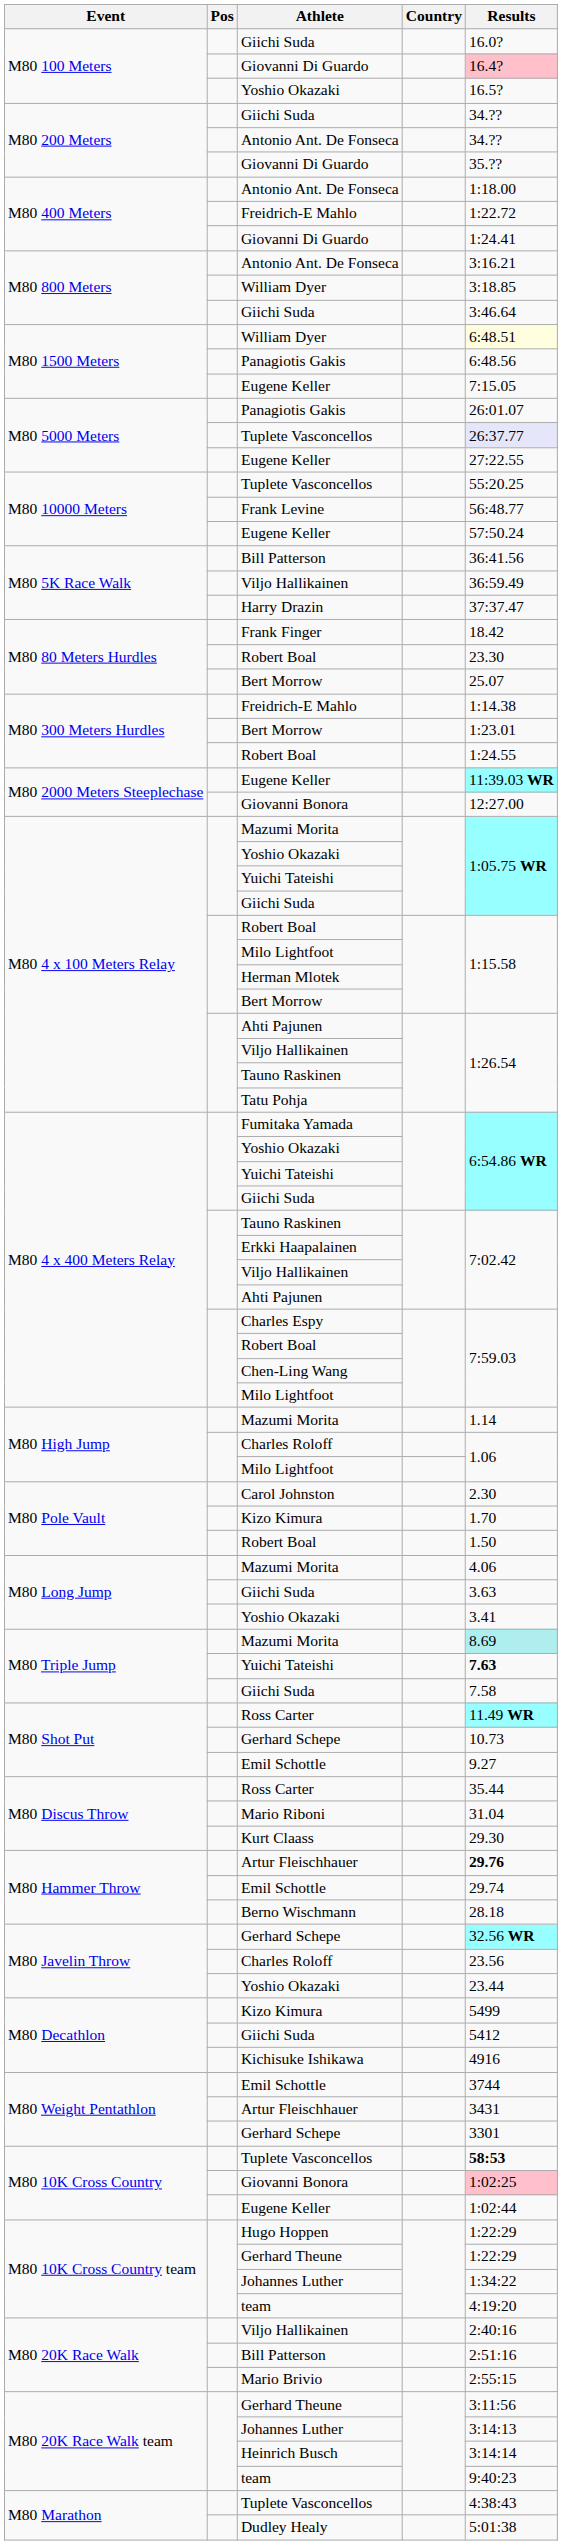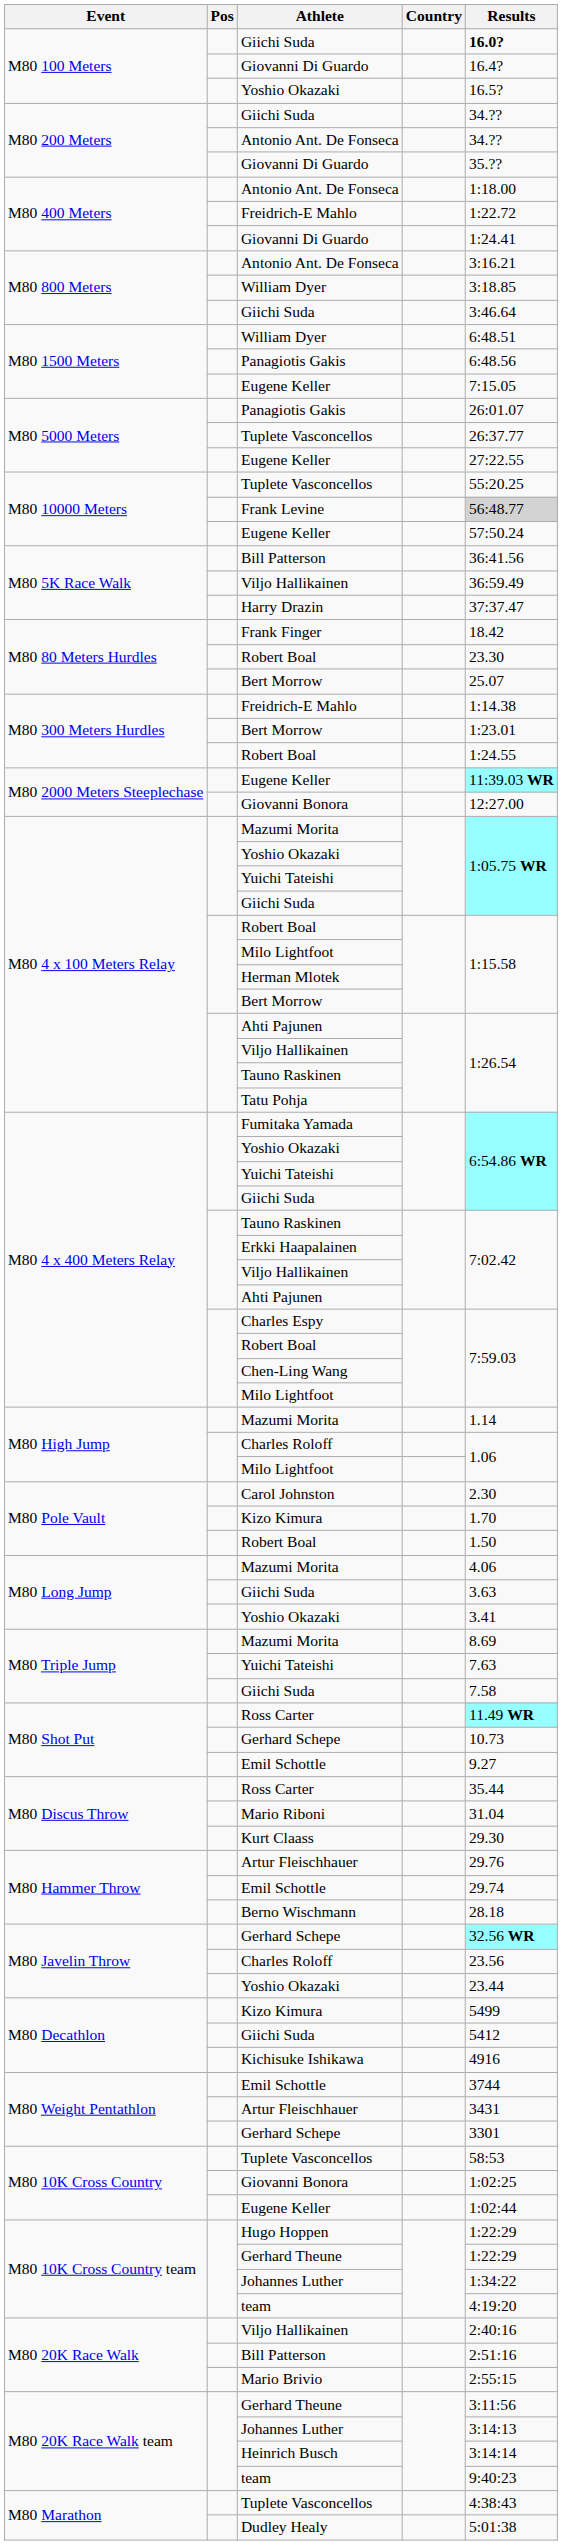 <table class="wikitable">
 <tr>
 <th>Event</th>
 <th>Pos</th>
 <th>Athlete</th>
 <th>Country</th>
 <th>Results</th>
 </tr>
 <tr>
 <td rowspan="3">M80 <a href='#'>100 Meters</a></td>
 <td align="center"></td>
 <td>Giichi Suda</td>
 <td></td>
-<td>16.0?</td>
+<td><strong>16.0?</strong></td>
 </tr>
 <tr>
 <td align="center"></td>
 <td>Giovanni Di Guardo</td>
 <td></td>
-<td style="background: pink;">16.4?</td>
+<td>16.4?</td>
 </tr>
 <tr>
 <td align="center"></td>
 <td>Yoshio Okazaki</td>
 <td></td>
 <td>16.5?</td>
 </tr>
 <tr>
 <td rowspan="3">M80 <a href='#'>200 Meters</a></td>
 <td align="center"></td>
 <td>Giichi Suda</td>
 <td></td>
 <td>34.??</td>
 </tr>
 <tr>
 <td align="center"></td>
 <td>Antonio Ant. De Fonseca</td>
 <td></td>
 <td>34.??</td>
 </tr>
 <tr>
 <td align="center"></td>
 <td>Giovanni Di Guardo</td>
 <td></td>
 <td>35.??</td>
 </tr>
 <tr>
 <td rowspan="3">M80 <a href='#'>400 Meters</a></td>
 <td align="center"></td>
 <td>Antonio Ant. De Fonseca</td>
 <td></td>
 <td>1:18.00</td>
 </tr>
 <tr>
 <td align="center"></td>
 <td>Freidrich-E Mahlo</td>
 <td></td>
 <td>1:22.72</td>
 </tr>
 <tr>
 <td align="center"></td>
 <td>Giovanni Di Guardo</td>
 <td></td>
 <td>1:24.41</td>
 </tr>
 <tr>
 <td rowspan="3">M80 <a href='#'>800 Meters</a></td>
 <td align="center"></td>
 <td>Antonio Ant. De Fonseca</td>
 <td></td>
 <td>3:16.21</td>
 </tr>
 <tr>
 <td align="center"></td>
 <td>William Dyer</td>
 <td></td>
 <td>3:18.85</td>
 </tr>
 <tr>
 <td align="center"></td>
 <td>Giichi Suda</td>
 <td></td>
 <td>3:46.64</td>
 </tr>
 <tr>
 <td rowspan="3">M80 <a href='#'>1500 Meters</a></td>
 <td align="center"></td>
 <td>William Dyer</td>
 <td></td>
-<td style="background: lightyellow;">6:48.51</td>
+<td>6:48.51</td>
 </tr>
 <tr>
 <td align="center"></td>
 <td>Panagiotis Gakis</td>
 <td></td>
 <td>6:48.56</td>
 </tr>
 <tr>
 <td align="center"></td>
 <td>Eugene Keller</td>
 <td></td>
 <td>7:15.05</td>
 </tr>
 <tr>
 <td rowspan="3">M80 <a href='#'>5000 Meters</a></td>
 <td align="center"></td>
 <td>Panagiotis Gakis</td>
 <td></td>
 <td>26:01.07</td>
 </tr>
 <tr>
 <td align="center"></td>
 <td>Tuplete Vasconcellos</td>
 <td></td>
-<td style="background: lavender;">26:37.77</td>
+<td>26:37.77</td>
 </tr>
 <tr>
 <td align="center"></td>
 <td>Eugene Keller</td>
 <td></td>
 <td>27:22.55</td>
 </tr>
 <tr>
 <td rowspan="3">M80 <a href='#'>10000 Meters</a></td>
 <td align="center"></td>
 <td>Tuplete Vasconcellos</td>
 <td></td>
 <td>55:20.25</td>
 </tr>
 <tr>
 <td align="center"></td>
 <td>Frank Levine</td>
 <td></td>
-<td>56:48.77</td>
+<td style="background: lightgrey;">56:48.77</td>
 </tr>
 <tr>
 <td align="center"></td>
 <td>Eugene Keller</td>
 <td></td>
 <td>57:50.24</td>
 </tr>
 <tr>
 <td rowspan="3">M80 <a href='#'>5K Race Walk</a></td>
 <td align="center"></td>
 <td>Bill Patterson</td>
 <td></td>
 <td>36:41.56</td>
 </tr>
 <tr>
 <td align="center"></td>
 <td>Viljo Hallikainen</td>
 <td></td>
 <td>36:59.49</td>
 </tr>
 <tr>
 <td align="center"></td>
 <td>Harry Drazin</td>
 <td></td>
 <td>37:37.47</td>
 </tr>
 <tr>
 <td rowspan="3">M80 <a href='#'>80 Meters Hurdles</a></td>
 <td align="center"></td>
 <td>Frank Finger</td>
 <td></td>
 <td>18.42</td>
 </tr>
 <tr>
 <td align="center"></td>
 <td>Robert Boal</td>
 <td></td>
 <td>23.30</td>
 </tr>
 <tr>
 <td align="center"></td>
 <td>Bert Morrow</td>
 <td></td>
 <td>25.07</td>
 </tr>
 <tr>
 <td rowspan="3">M80 <a href='#'>300 Meters Hurdles</a></td>
 <td align="center"></td>
 <td>Freidrich-E Mahlo</td>
 <td></td>
 <td>1:14.38</td>
 </tr>
 <tr>
 <td align="center"></td>
 <td>Bert Morrow</td>
 <td></td>
 <td>1:23.01</td>
 </tr>
 <tr>
 <td align="center"></td>
 <td>Robert Boal</td>
 <td></td>
 <td>1:24.55</td>
 </tr>
 <tr>
 <td rowspan="2">M80 <a href='#'>2000 Meters Steeplechase</a></td>
 <td align="center"></td>
 <td>Eugene Keller</td>
 <td></td>
 <td bgcolor=#97ffff>11:39.03 <strong>WR</strong></td>
 </tr>
 <tr>
 <td align="center"></td>
 <td>Giovanni Bonora</td>
 <td></td>
 <td>12:27.00</td>
 </tr>
 <tr>
 <td rowspan="12">M80 <a href='#'>4 x 100 Meters Relay</a></td>
 <td rowspan="4" align="center"></td>
 <td>Mazumi Morita</td>
 <td rowspan="4"></td>
 <td rowspan="4" bgcolor=#97ffff>1:05.75 <strong>WR</strong></td>
 </tr>
 <tr>
 <td>Yoshio Okazaki</td>
 </tr>
 <tr>
 <td>Yuichi Tateishi</td>
 </tr>
 <tr>
 <td>Giichi Suda</td>
 </tr>
 <tr>
 <td rowspan="4" align="center"></td>
 <td>Robert Boal</td>
 <td rowspan="4"></td>
 <td rowspan="4">1:15.58</td>
 </tr>
 <tr>
 <td>Milo Lightfoot</td>
 </tr>
 <tr>
 <td>Herman Mlotek</td>
 </tr>
 <tr>
 <td>Bert Morrow</td>
 </tr>
 <tr>
 <td rowspan="4" align="center"></td>
 <td>Ahti Pajunen</td>
 <td rowspan="4"></td>
 <td rowspan="4">1:26.54</td>
 </tr>
 <tr>
 <td>Viljo Hallikainen</td>
 </tr>
 <tr>
 <td>Tauno Raskinen</td>
 </tr>
 <tr>
 <td>Tatu Pohja</td>
 </tr>
 <tr>
 <td rowspan="12">M80 <a href='#'>4 x 400 Meters Relay</a></td>
 <td rowspan="4" align="center"></td>
 <td>Fumitaka Yamada</td>
 <td rowspan="4"></td>
 <td rowspan="4" bgcolor=#97ffff>6:54.86 <strong>WR</strong></td>
 </tr>
 <tr>
 <td>Yoshio Okazaki</td>
 </tr>
 <tr>
 <td>Yuichi Tateishi</td>
 </tr>
 <tr>
 <td>Giichi Suda</td>
 </tr>
 <tr>
 <td rowspan="4" align="center"></td>
 <td>Tauno Raskinen</td>
 <td rowspan="4"></td>
 <td rowspan="4">7:02.42</td>
 </tr>
 <tr>
 <td>Erkki Haapalainen</td>
 </tr>
 <tr>
 <td>Viljo Hallikainen</td>
 </tr>
 <tr>
 <td>Ahti Pajunen</td>
 </tr>
 <tr>
 <td rowspan="4" align="center"></td>
 <td>Charles Espy</td>
 <td rowspan="4"></td>
 <td rowspan="4">7:59.03</td>
 </tr>
 <tr>
 <td>Robert Boal</td>
 </tr>
 <tr>
 <td>Chen-Ling Wang</td>
 </tr>
 <tr>
 <td>Milo Lightfoot</td>
 </tr>
 <tr>
 <td rowspan="3">M80 <a href='#'>High Jump</a></td>
 <td align="center"></td>
 <td>Mazumi Morita</td>
 <td></td>
 <td>1.14</td>
 </tr>
 <tr>
 <td rowspan="2" align="center"></td>
 <td>Charles Roloff</td>
 <td></td>
 <td rowspan="2">1.06</td>
 </tr>
 <tr>
 <td>Milo Lightfoot</td>
 <td></td>
 </tr>
 <tr>
 <td rowspan="3">M80 <a href='#'>Pole Vault</a></td>
 <td align="center"></td>
 <td>Carol Johnston</td>
 <td></td>
 <td>2.30</td>
 </tr>
 <tr>
 <td align="center"></td>
 <td>Kizo Kimura</td>
 <td></td>
 <td>1.70</td>
 </tr>
 <tr>
 <td align="center"></td>
 <td>Robert Boal</td>
 <td></td>
 <td>1.50</td>
 </tr>
 <tr>
 <td rowspan="3">M80 <a href='#'>Long Jump</a></td>
 <td align="center"></td>
 <td>Mazumi Morita</td>
 <td></td>
 <td>4.06</td>
 </tr>
 <tr>
 <td align="center"></td>
 <td>Giichi Suda</td>
 <td></td>
 <td>3.63</td>
 </tr>
 <tr>
 <td align="center"></td>
 <td>Yoshio Okazaki</td>
 <td></td>
 <td>3.41</td>
 </tr>
 <tr>
 <td rowspan="3">M80 <a href='#'>Triple Jump</a></td>
 <td align="center"></td>
 <td>Mazumi Morita</td>
 <td></td>
-<td style="background: paleturquoise;">8.69</td>
+<td>8.69</td>
 </tr>
 <tr>
 <td align="center"></td>
 <td>Yuichi Tateishi</td>
 <td></td>
-<td><strong>7.63</strong></td>
+<td>7.63</td>
 </tr>
 <tr>
 <td align="center"></td>
 <td>Giichi Suda</td>
 <td></td>
 <td>7.58</td>
 </tr>
 <tr>
 <td rowspan="3">M80 <a href='#'>Shot Put</a></td>
 <td align="center"></td>
 <td>Ross Carter</td>
 <td></td>
 <td bgcolor=#97ffff>11.49 <strong>WR</strong></td>
 </tr>
 <tr>
 <td align="center"></td>
 <td>Gerhard Schepe</td>
 <td></td>
 <td>10.73</td>
 </tr>
 <tr>
 <td align="center"></td>
 <td>Emil Schottle</td>
 <td></td>
 <td>9.27</td>
 </tr>
 <tr>
 <td rowspan="3">M80 <a href='#'>Discus Throw</a></td>
 <td align="center"></td>
 <td>Ross Carter</td>
 <td></td>
 <td>35.44</td>
 </tr>
 <tr>
 <td align="center"></td>
 <td>Mario Riboni</td>
 <td></td>
 <td>31.04</td>
 </tr>
 <tr>
 <td align="center"></td>
 <td>Kurt Claass</td>
 <td></td>
 <td>29.30</td>
 </tr>
 <tr>
 <td rowspan="3">M80 <a href='#'>Hammer Throw</a></td>
 <td align="center"></td>
 <td>Artur Fleischhauer</td>
 <td></td>
-<td><strong>29.76</strong></td>
+<td>29.76</td>
 </tr>
 <tr>
 <td align="center"></td>
 <td>Emil Schottle</td>
 <td></td>
 <td>29.74</td>
 </tr>
 <tr>
 <td align="center"></td>
 <td>Berno Wischmann</td>
 <td></td>
 <td>28.18</td>
 </tr>
 <tr>
 <td rowspan="3">M80 <a href='#'>Javelin Throw</a></td>
 <td align="center"></td>
 <td>Gerhard Schepe</td>
 <td></td>
 <td bgcolor=#97ffff>32.56 <strong>WR</strong></td>
 </tr>
 <tr>
 <td align="center"></td>
 <td>Charles Roloff</td>
 <td></td>
 <td>23.56</td>
 </tr>
 <tr>
 <td align="center"></td>
 <td>Yoshio Okazaki</td>
 <td></td>
 <td>23.44</td>
 </tr>
 <tr>
 <td rowspan="3">M80 <a href='#'>Decathlon</a></td>
 <td align="center"></td>
 <td>Kizo Kimura</td>
 <td></td>
 <td>5499</td>
 </tr>
 <tr>
 <td align="center"></td>
 <td>Giichi Suda</td>
 <td></td>
 <td>5412</td>
 </tr>
 <tr>
 <td align="center"></td>
 <td>Kichisuke Ishikawa</td>
 <td></td>
 <td>4916</td>
 </tr>
 <tr>
 <td rowspan="3">M80 <a href='#'>Weight Pentathlon</a></td>
 <td align="center"></td>
 <td>Emil Schottle</td>
 <td></td>
 <td>3744</td>
 </tr>
 <tr>
 <td align="center"></td>
 <td>Artur Fleischhauer</td>
 <td></td>
 <td>3431</td>
 </tr>
 <tr>
 <td align="center"></td>
 <td>Gerhard Schepe</td>
 <td></td>
 <td>3301</td>
 </tr>
 <tr>
 <td rowspan="3">M80 <a href='#'>10K Cross Country</a></td>
 <td align="center"></td>
 <td>Tuplete Vasconcellos</td>
 <td></td>
-<td><strong>58:53</strong></td>
+<td>58:53</td>
 </tr>
 <tr>
 <td align="center"></td>
 <td>Giovanni Bonora</td>
 <td></td>
-<td style="background: pink;">1:02:25</td>
+<td>1:02:25</td>
 </tr>
 <tr>
 <td align="center"></td>
 <td>Eugene Keller</td>
 <td></td>
 <td>1:02:44</td>
 </tr>
 <tr>
 <td rowspan="4">M80 <a href='#'>10K Cross Country</a> team</td>
 <td rowspan="4" align="center"></td>
 <td>Hugo Hoppen</td>
 <td rowspan="4"></td>
 <td>1:22:29</td>
 </tr>
 <tr>
 <td>Gerhard Theune</td>
 <td>1:22:29</td>
 </tr>
 <tr>
 <td>Johannes Luther</td>
 <td>1:34:22</td>
 </tr>
 <tr>
 <td>team</td>
 <td>4:19:20</td>
 </tr>
 <tr>
 <td rowspan="3">M80 <a href='#'>20K Race Walk</a></td>
 <td align="center"></td>
 <td>Viljo Hallikainen</td>
 <td></td>
 <td>2:40:16</td>
 </tr>
 <tr>
 <td align="center"></td>
 <td>Bill Patterson</td>
 <td></td>
 <td>2:51:16</td>
 </tr>
 <tr>
 <td align="center"></td>
 <td>Mario Brivio</td>
 <td></td>
 <td>2:55:15</td>
 </tr>
 <tr>
 <td rowspan="4">M80 <a href='#'>20K Race Walk</a> team</td>
 <td rowspan="4" align="center"></td>
 <td>Gerhard Theune</td>
 <td rowspan="4"></td>
 <td>3:11:56</td>
 </tr>
 <tr>
 <td>Johannes Luther</td>
 <td>3:14:13</td>
 </tr>
 <tr>
 <td>Heinrich Busch</td>
 <td>3:14:14</td>
 </tr>
 <tr>
 <td>team</td>
 <td>9:40:23</td>
 </tr>
 <tr>
 <td rowspan="2">M80 <a href='#'>Marathon</a></td>
 <td align="center"></td>
 <td>Tuplete Vasconcellos</td>
 <td></td>
 <td>4:38:43</td>
 </tr>
 <tr>
 <td align="center"></td>
 <td>Dudley Healy</td>
 <td></td>
 <td>5:01:38</td>
 </tr>
 </table>
